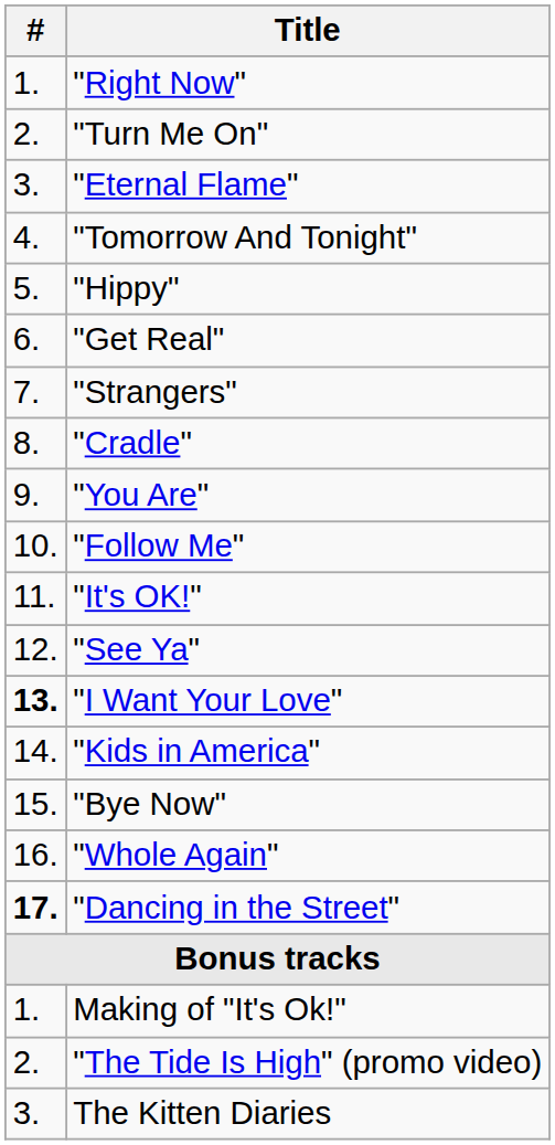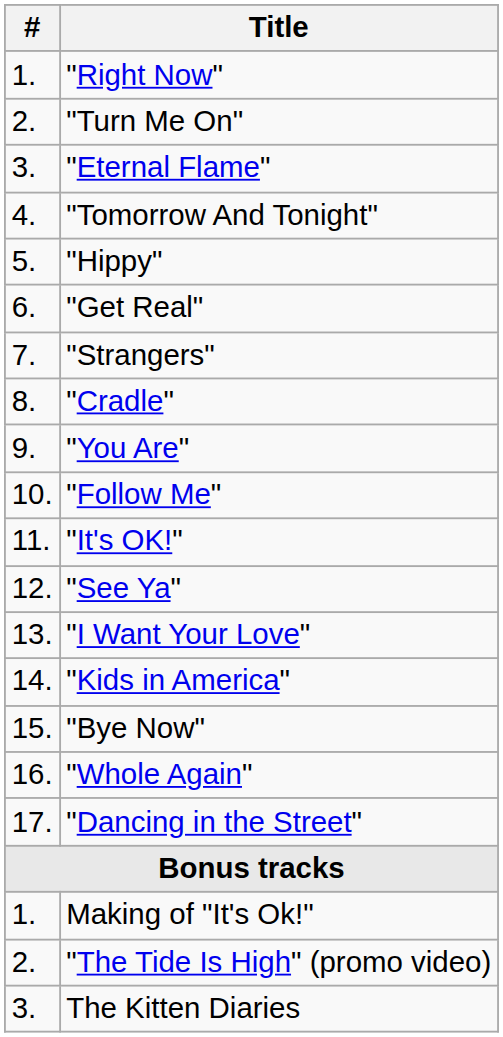 <table class="wikitable">
 <tr>
 <th bgcolor="#ebf5ff">#</th>
 <th bgcolor="#ebf5ff">Title</th>
 </tr>
 <tr>
 <td>1.</td>
 <td>"<a href='#'>Right Now</a>"</td>
 </tr>
 <tr>
 <td>2.</td>
 <td>"Turn Me On"</td>
 </tr>
 <tr>
 <td>3.</td>
 <td>"<a href='#'>Eternal Flame</a>"</td>
 </tr>
 <tr>
 <td>4.</td>
 <td>"Tomorrow And Tonight"</td>
 </tr>
 <tr>
 <td>5.</td>
 <td>"Hippy"</td>
 </tr>
 <tr>
 <td>6.</td>
 <td>"Get Real"</td>
 </tr>
 <tr>
 <td>7.</td>
 <td>"Strangers"</td>
 </tr>
 <tr>
 <td>8.</td>
 <td>"<a href='#'>Cradle</a>"</td>
 </tr>
 <tr>
 <td>9.</td>
 <td>"<a href='#'>You Are</a>"</td>
 </tr>
 <tr>
 <td>10.</td>
 <td>"<a href='#'>Follow Me</a>"</td>
 </tr>
 <tr>
 <td>11.</td>
 <td>"<a href='#'>It's OK!</a>"</td>
 </tr>
 <tr>
 <td>12.</td>
 <td>"<a href='#'>See Ya</a>"</td>
 </tr>
 <tr>
-<td><strong>13.</strong></td>
+<td>13.</td>
 <td>"<a href='#'>I Want Your Love</a>"</td>
 </tr>
 <tr>
 <td>14.</td>
 <td>"<a href='#'>Kids in America</a>"</td>
 </tr>
 <tr>
 <td>15.</td>
 <td>"Bye Now"</td>
 </tr>
 <tr>
 <td>16.</td>
 <td>"<a href='#'>Whole Again</a>"</td>
 </tr>
 <tr>
-<td><strong>17.</strong></td>
+<td>17.</td>
 <td>"<a href='#'>Dancing in the Street</a>"</td>
 </tr>
 <tr>
 <td bgcolor=#E8E8E8 colspan="2" align=center><strong>Bonus tracks</strong></td>
 </tr>
 <tr>
 <td>1.</td>
 <td>Making of "It's Ok!"</td>
 </tr>
 <tr>
 <td>2.</td>
 <td>"<a href='#'>The Tide Is High</a>" (promo video)</td>
 </tr>
 <tr>
 <td>3.</td>
 <td>The Kitten Diaries</td>
 </tr>
 </table>
